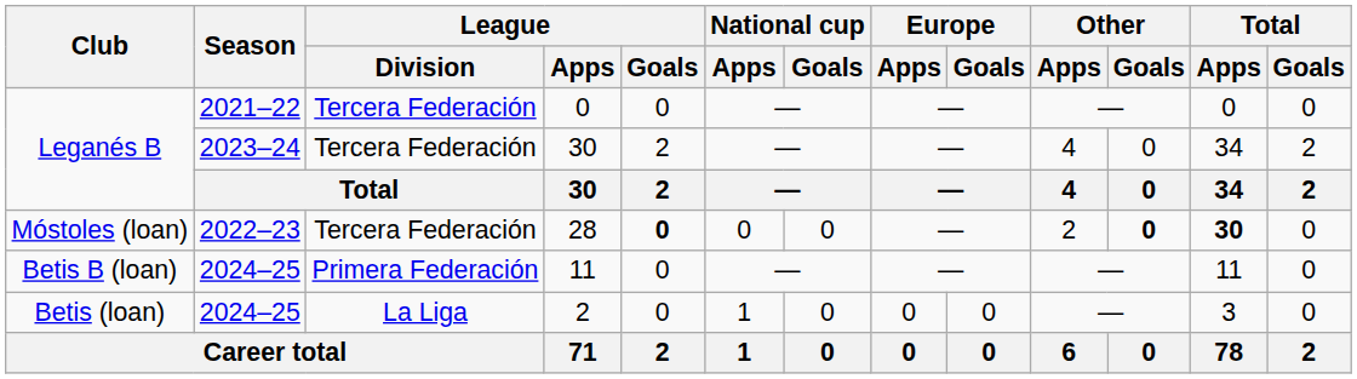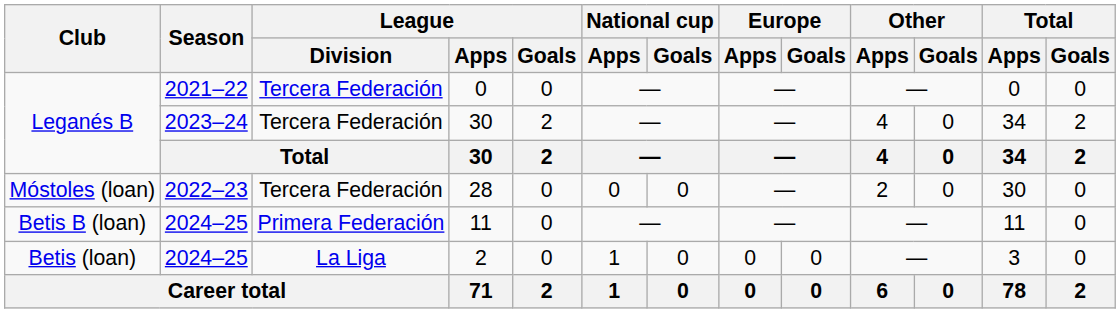 <table class="wikitable" style="text-align:center">
 <tr>
 <th rowspan="2">Club</th>
 <th rowspan="2">Season</th>
 <th colspan="3">League</th>
 <th colspan="2">National cup</th>
 <th colspan="2">Europe</th>
 <th colspan="2">Other</th>
 <th colspan="2">Total</th>
 </tr>
 <tr>
 <th>Division</th>
 <th>Apps</th>
 <th>Goals</th>
 <th>Apps</th>
 <th>Goals</th>
 <th>Apps</th>
 <th>Goals</th>
 <th>Apps</th>
 <th>Goals</th>
 <th>Apps</th>
 <th>Goals</th>
 </tr>
 <tr>
 <td rowspan="3"><a href='#'>Leganés B</a></td>
 <td><a href='#'>2021–22</a></td>
 <td><a href='#'>Tercera Federación</a></td>
 <td>0</td>
 <td>0</td>
 <td colspan="2">—</td>
 <td colspan="2">—</td>
 <td colspan="2">—</td>
 <td>0</td>
 <td>0</td>
 </tr>
 <tr>
 <td><a href='#'>2023–24</a></td>
 <td>Tercera Federación</td>
 <td>30</td>
 <td>2</td>
 <td colspan="2">—</td>
 <td colspan="2">—</td>
 <td>4</td>
 <td>0</td>
 <td>34</td>
 <td>2</td>
 </tr>
 <tr>
 <th colspan="2">Total</th>
 <th>30</th>
 <th>2</th>
 <th colspan="2">—</th>
 <th colspan="2">—</th>
 <th>4</th>
 <th>0</th>
 <th>34</th>
 <th>2</th>
 </tr>
 <tr>
 <td><a href='#'>Móstoles</a> (loan)</td>
 <td><a href='#'>2022–23</a></td>
 <td>Tercera Federación</td>
 <td>28</td>
-<td><strong>0</strong></td>
+<td>0</td>
 <td>0</td>
 <td>0</td>
 <td colspan="2">—</td>
 <td>2</td>
-<td><strong>0</strong></td>
-<td><strong>30</strong></td>
+<td>0</td>
+<td>30</td>
 <td>0</td>
 </tr>
 <tr>
 <td><a href='#'>Betis B</a> (loan)</td>
 <td><a href='#'>2024–25</a></td>
 <td><a href='#'>Primera Federación</a></td>
 <td>11</td>
 <td>0</td>
 <td colspan="2">—</td>
 <td colspan="2">—</td>
 <td colspan="2">—</td>
 <td>11</td>
 <td>0</td>
 </tr>
 <tr>
 <td><a href='#'>Betis</a> (loan)</td>
 <td><a href='#'>2024–25</a></td>
 <td><a href='#'>La Liga</a></td>
 <td>2</td>
 <td>0</td>
 <td>1</td>
 <td>0</td>
 <td>0</td>
 <td>0</td>
 <td colspan="2">—</td>
 <td>3</td>
 <td>0</td>
 </tr>
 <tr>
 <th colspan="3">Career total</th>
 <th>71</th>
 <th>2</th>
 <th>1</th>
 <th>0</th>
 <th>0</th>
 <th>0</th>
 <th>6</th>
 <th>0</th>
 <th>78</th>
 <th>2</th>
 </tr>
 </table>
